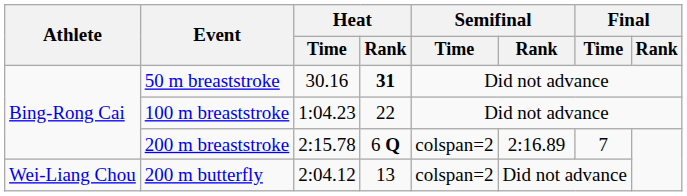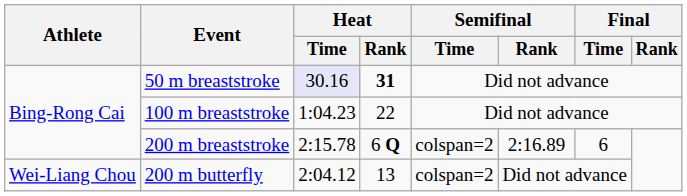 <table class=wikitable style="font-size:90%">
 <tr>
 <th rowspan=2>Athlete</th>
 <th rowspan=2>Event</th>
 <th colspan="2">Heat</th>
 <th colspan="2">Semifinal</th>
 <th colspan="2">Final</th>
 </tr>
 <tr style="font-size:95%">
 <th>Time</th>
 <th>Rank</th>
 <th>Time</th>
 <th>Rank</th>
 <th>Time</th>
 <th>Rank</th>
 </tr>
 <tr align=center>
 <td align=left rowspan=3><a href='#'>Bing-Rong Cai</a></td>
 <td align=left><a href='#'>50 m breaststroke</a></td>
-<td>30.16</td>
+<td style="background: lavender;">30.16</td>
 <td><strong>31</strong></td>
 <td colspan=4>Did not advance</td>
 </tr>
 <tr align=center>
 <td align=left><a href='#'>100 m breaststroke</a></td>
 <td>1:04.23</td>
 <td>22</td>
 <td colspan=4>Did not advance</td>
 </tr>
 <tr align=center>
 <td align=left><a href='#'>200 m breaststroke</a></td>
 <td>2:15.78</td>
 <td>6 <strong>Q</strong></td>
 <td>colspan=2 </td>
 <td>2:16.89</td>
-<td>7</td>
+<td>6</td>
 </tr>
 <tr align=center>
 <td align=left><a href='#'>Wei-Liang Chou</a></td>
 <td align=left><a href='#'>200 m butterfly</a></td>
 <td>2:04.12</td>
 <td>13</td>
 <td>colspan=2 </td>
 <td colspan=2>Did not advance</td>
 </tr>
 </table>
